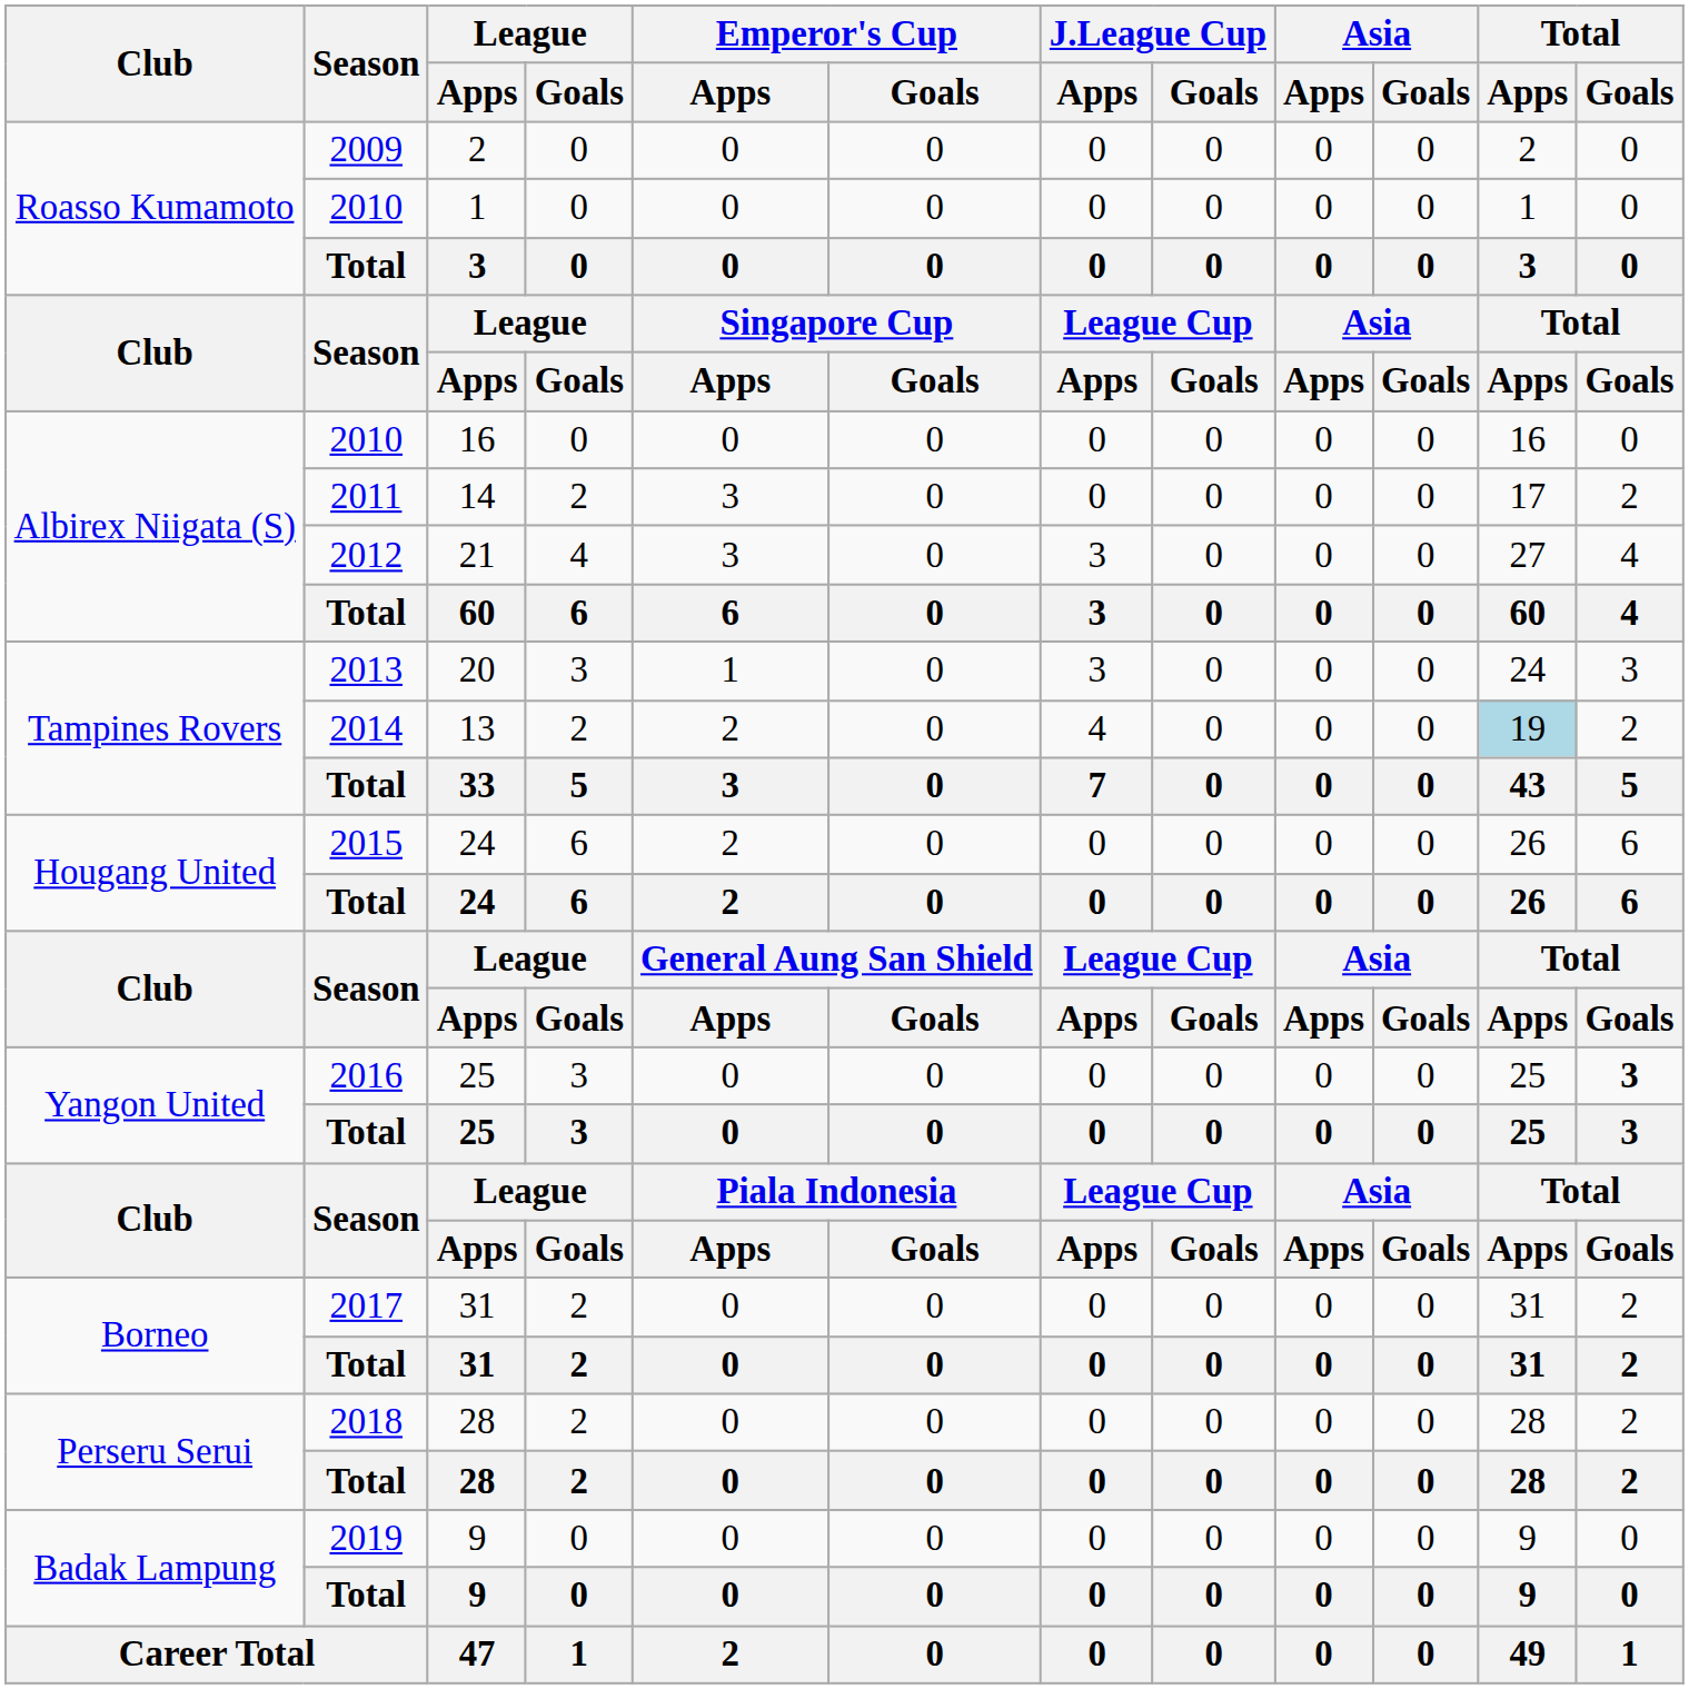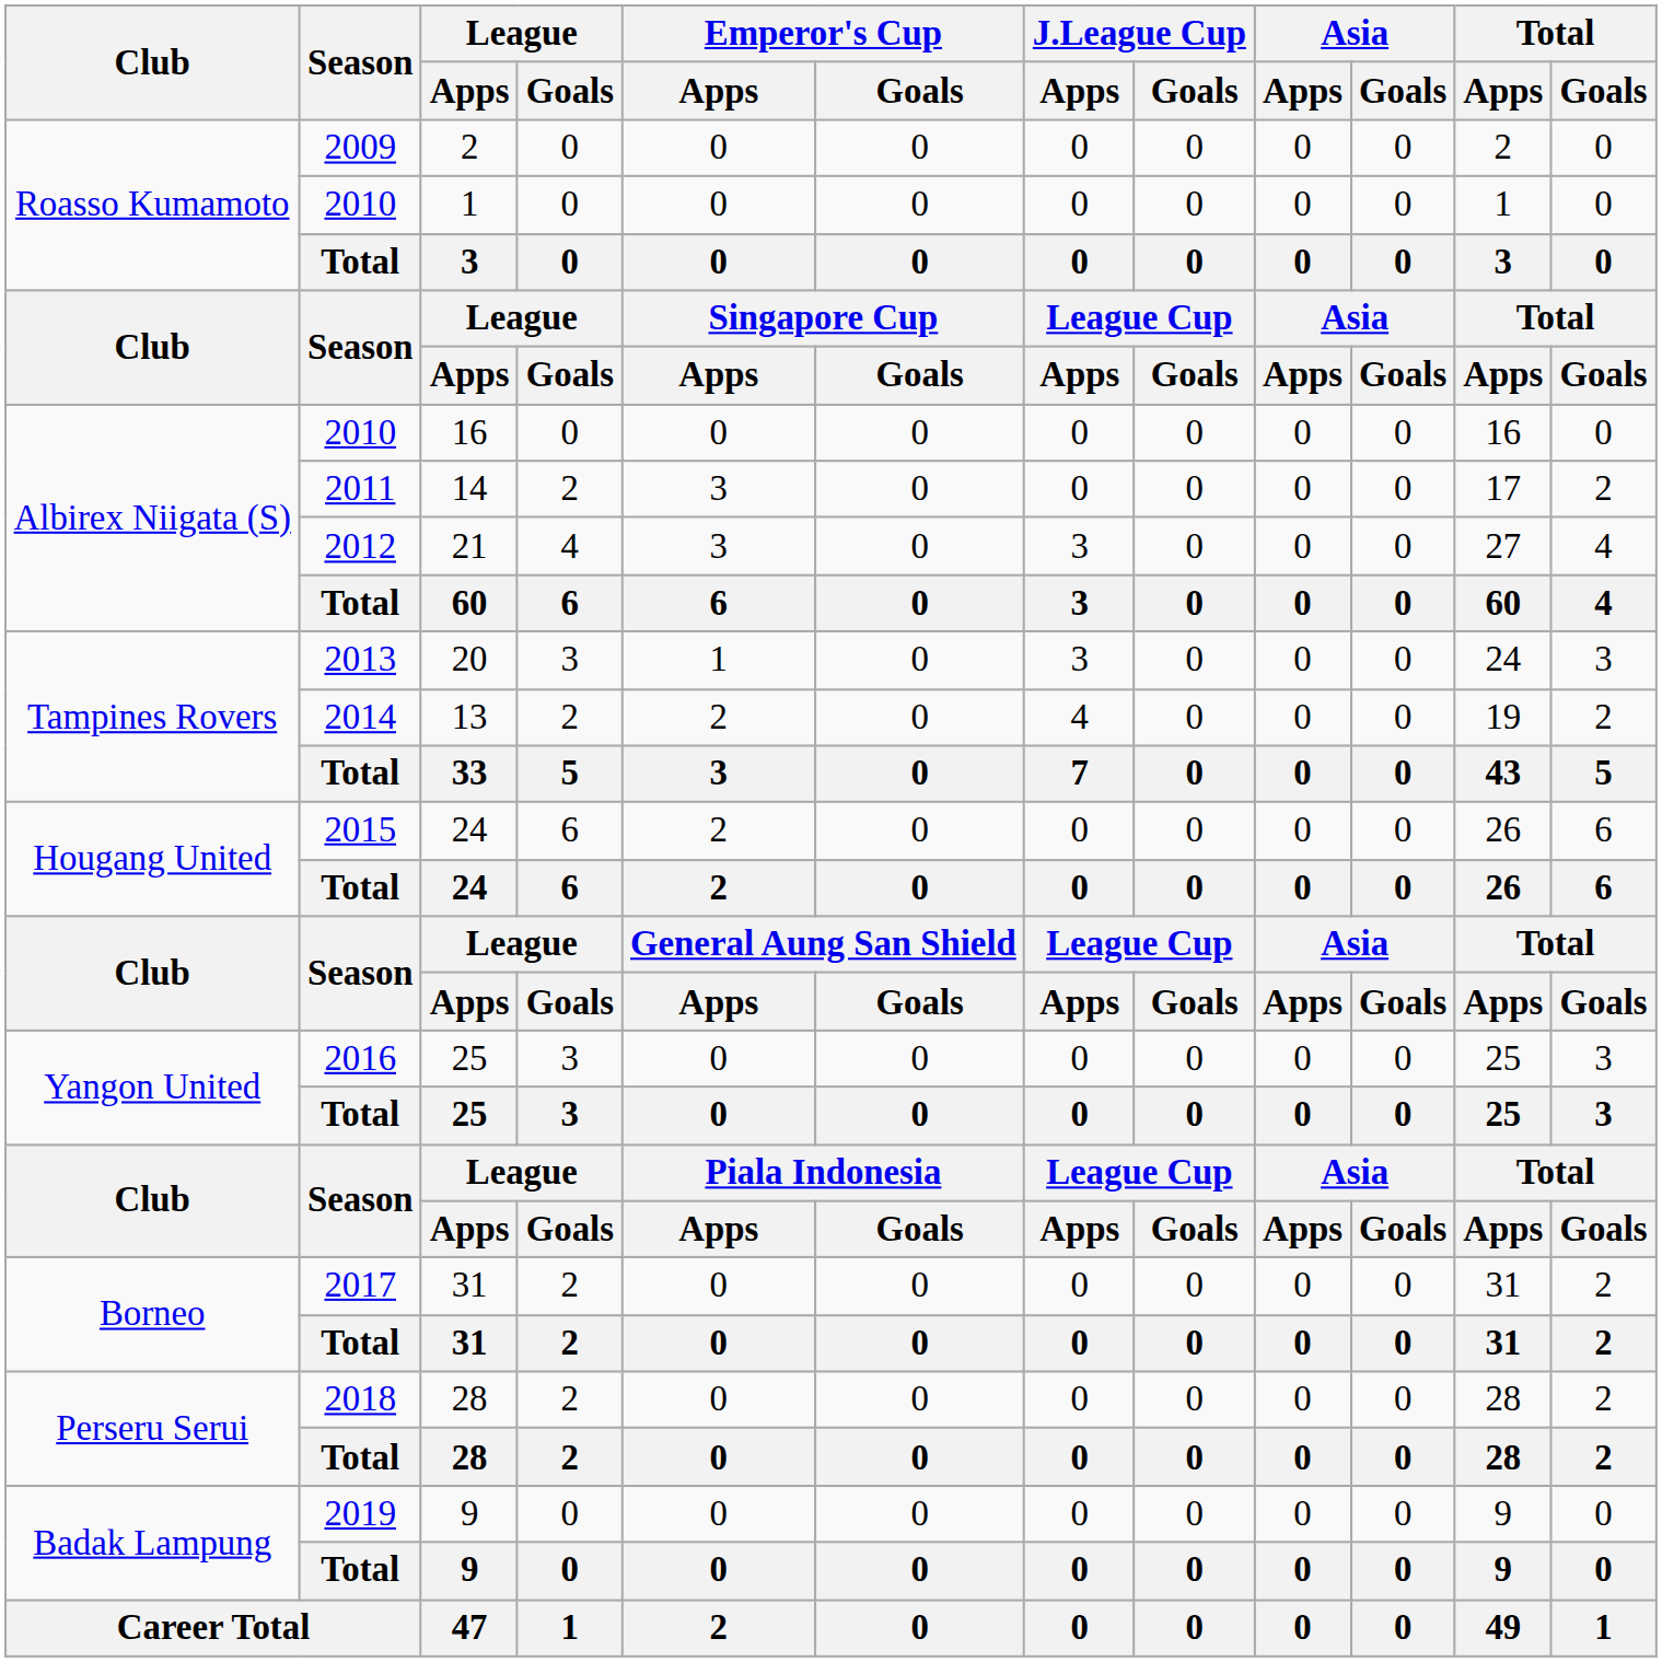 <table style="text-align:center" class="wikitable">
 <tr>
 <th rowspan="2">Club</th>
 <th rowspan="2">Season</th>
 <th colspan="2">League</th>
 <th colspan="2"><a href='#'>Emperor's Cup</a></th>
 <th colspan="2"><a href='#'>J.League Cup</a></th>
 <th colspan="2"><a href='#'>Asia</a></th>
 <th colspan="2">Total</th>
 </tr>
 <tr>
 <th>Apps</th>
 <th>Goals</th>
 <th>Apps</th>
 <th>Goals</th>
 <th>Apps</th>
 <th>Goals</th>
 <th>Apps</th>
 <th>Goals</th>
 <th>Apps</th>
 <th>Goals</th>
 </tr>
 <tr>
 <td rowspan="3"><a href='#'>Roasso Kumamoto</a></td>
 <td><a href='#'>2009</a></td>
 <td>2</td>
 <td>0</td>
 <td>0</td>
 <td>0</td>
 <td>0</td>
 <td>0</td>
 <td>0</td>
 <td>0</td>
 <td>2</td>
 <td>0</td>
 </tr>
 <tr>
 <td><a href='#'>2010</a></td>
 <td>1</td>
 <td>0</td>
 <td>0</td>
 <td>0</td>
 <td>0</td>
 <td>0</td>
 <td>0</td>
 <td>0</td>
 <td>1</td>
 <td>0</td>
 </tr>
 <tr>
 <th>Total</th>
 <th>3</th>
 <th>0</th>
 <th>0</th>
 <th>0</th>
 <th>0</th>
 <th>0</th>
 <th>0</th>
 <th>0</th>
 <th>3</th>
 <th>0</th>
 </tr>
 <tr>
 <th rowspan="2">Club</th>
 <th rowspan="2">Season</th>
 <th colspan="2">League</th>
 <th colspan="2"><a href='#'>Singapore Cup</a></th>
 <th colspan="2"><a href='#'>League Cup</a></th>
 <th colspan="2"><a href='#'>Asia</a></th>
 <th colspan="2">Total</th>
 </tr>
 <tr>
 <th>Apps</th>
 <th>Goals</th>
 <th>Apps</th>
 <th>Goals</th>
 <th>Apps</th>
 <th>Goals</th>
 <th>Apps</th>
 <th>Goals</th>
 <th>Apps</th>
 <th>Goals</th>
 </tr>
 <tr>
 <td rowspan="4"><a href='#'>Albirex Niigata (S)</a></td>
 <td><a href='#'>2010</a></td>
 <td>16</td>
 <td>0</td>
 <td>0</td>
 <td>0</td>
 <td>0</td>
 <td>0</td>
 <td>0</td>
 <td>0</td>
 <td>16</td>
 <td>0</td>
 </tr>
 <tr>
 <td><a href='#'>2011</a></td>
 <td>14</td>
 <td>2</td>
 <td>3</td>
 <td>0</td>
 <td>0</td>
 <td>0</td>
 <td>0</td>
 <td>0</td>
 <td>17</td>
 <td>2</td>
 </tr>
 <tr>
 <td><a href='#'>2012</a></td>
 <td>21</td>
 <td>4</td>
 <td>3</td>
 <td>0</td>
 <td>3</td>
 <td>0</td>
 <td>0</td>
 <td>0</td>
 <td>27</td>
 <td>4</td>
 </tr>
 <tr>
 <th>Total</th>
 <th>60</th>
 <th>6</th>
 <th>6</th>
 <th>0</th>
 <th>3</th>
 <th>0</th>
 <th>0</th>
 <th>0</th>
 <th>60</th>
 <th>4</th>
 </tr>
 <tr>
 <td rowspan="3"><a href='#'>Tampines Rovers</a></td>
 <td><a href='#'>2013</a></td>
 <td>20</td>
 <td>3</td>
 <td>1</td>
 <td>0</td>
 <td>3</td>
 <td>0</td>
 <td>0</td>
 <td>0</td>
 <td>24</td>
 <td>3</td>
 </tr>
 <tr>
 <td><a href='#'>2014</a></td>
 <td>13</td>
 <td>2</td>
 <td>2</td>
 <td>0</td>
 <td>4</td>
 <td>0</td>
 <td>0</td>
 <td>0</td>
-<td style="background: lightblue;">19</td>
+<td>19</td>
 <td>2</td>
 </tr>
 <tr>
 <th>Total</th>
 <th>33</th>
 <th>5</th>
 <th>3</th>
 <th>0</th>
 <th>7</th>
 <th>0</th>
 <th>0</th>
 <th>0</th>
 <th>43</th>
 <th>5</th>
 </tr>
 <tr>
 <td rowspan="2"><a href='#'>Hougang United</a></td>
 <td><a href='#'>2015</a></td>
 <td>24</td>
 <td>6</td>
 <td>2</td>
 <td>0</td>
 <td>0</td>
 <td>0</td>
 <td>0</td>
 <td>0</td>
 <td>26</td>
 <td>6</td>
 </tr>
 <tr>
 <th>Total</th>
 <th>24</th>
 <th>6</th>
 <th>2</th>
 <th>0</th>
 <th>0</th>
 <th>0</th>
 <th>0</th>
 <th>0</th>
 <th>26</th>
 <th>6</th>
 </tr>
 <tr>
 <th rowspan="2">Club</th>
 <th rowspan="2">Season</th>
 <th colspan="2">League</th>
 <th colspan="2"><a href='#'>General Aung San Shield</a></th>
 <th colspan="2"><a href='#'>League Cup</a></th>
 <th colspan="2"><a href='#'>Asia</a></th>
 <th colspan="2">Total</th>
 </tr>
 <tr>
 <th>Apps</th>
 <th>Goals</th>
 <th>Apps</th>
 <th>Goals</th>
 <th>Apps</th>
 <th>Goals</th>
 <th>Apps</th>
 <th>Goals</th>
 <th>Apps</th>
 <th>Goals</th>
 </tr>
 <tr>
 <td rowspan="2"><a href='#'>Yangon United</a></td>
 <td><a href='#'>2016</a></td>
 <td>25</td>
 <td>3</td>
 <td>0</td>
 <td>0</td>
 <td>0</td>
 <td>0</td>
 <td>0</td>
 <td>0</td>
 <td>25</td>
-<td><strong>3</strong></td>
+<td>3</td>
 </tr>
 <tr>
 <th>Total</th>
 <th>25</th>
 <th>3</th>
 <th>0</th>
 <th>0</th>
 <th>0</th>
 <th>0</th>
 <th>0</th>
 <th>0</th>
 <th>25</th>
 <th>3</th>
 </tr>
 <tr>
 <th rowspan="2">Club</th>
 <th rowspan="2">Season</th>
 <th colspan="2">League</th>
 <th colspan="2"><a href='#'>Piala Indonesia</a></th>
 <th colspan="2"><a href='#'>League Cup</a></th>
 <th colspan="2"><a href='#'>Asia</a></th>
 <th colspan="2">Total</th>
 </tr>
 <tr>
 <th>Apps</th>
 <th>Goals</th>
 <th>Apps</th>
 <th>Goals</th>
 <th>Apps</th>
 <th>Goals</th>
 <th>Apps</th>
 <th>Goals</th>
 <th>Apps</th>
 <th>Goals</th>
 </tr>
 <tr>
 <td rowspan="2"><a href='#'>Borneo</a></td>
 <td><a href='#'>2017</a></td>
 <td>31</td>
 <td>2</td>
 <td>0</td>
 <td>0</td>
 <td>0</td>
 <td>0</td>
 <td>0</td>
 <td>0</td>
 <td>31</td>
 <td>2</td>
 </tr>
 <tr>
 <th>Total</th>
 <th>31</th>
 <th>2</th>
 <th>0</th>
 <th>0</th>
 <th>0</th>
 <th>0</th>
 <th>0</th>
 <th>0</th>
 <th>31</th>
 <th>2</th>
 </tr>
 <tr>
 <td rowspan="2"><a href='#'>Perseru Serui</a></td>
 <td><a href='#'>2018</a></td>
 <td>28</td>
 <td>2</td>
 <td>0</td>
 <td>0</td>
 <td>0</td>
 <td>0</td>
 <td>0</td>
 <td>0</td>
 <td>28</td>
 <td>2</td>
 </tr>
 <tr>
 <th>Total</th>
 <th>28</th>
 <th>2</th>
 <th>0</th>
 <th>0</th>
 <th>0</th>
 <th>0</th>
 <th>0</th>
 <th>0</th>
 <th>28</th>
 <th>2</th>
 </tr>
 <tr>
 <td rowspan="2"><a href='#'>Badak Lampung</a></td>
 <td><a href='#'>2019</a></td>
 <td>9</td>
 <td>0</td>
 <td>0</td>
 <td>0</td>
 <td>0</td>
 <td>0</td>
 <td>0</td>
 <td>0</td>
 <td>9</td>
 <td>0</td>
 </tr>
 <tr>
 <th>Total</th>
 <th>9</th>
 <th>0</th>
 <th>0</th>
 <th>0</th>
 <th>0</th>
 <th>0</th>
 <th>0</th>
 <th>0</th>
 <th>9</th>
 <th>0</th>
 </tr>
 <tr>
 <th colspan=2>Career Total</th>
 <th>47</th>
 <th>1</th>
 <th>2</th>
 <th>0</th>
 <th>0</th>
 <th>0</th>
 <th>0</th>
 <th>0</th>
 <th>49</th>
 <th>1</th>
 </tr>
 </table>
